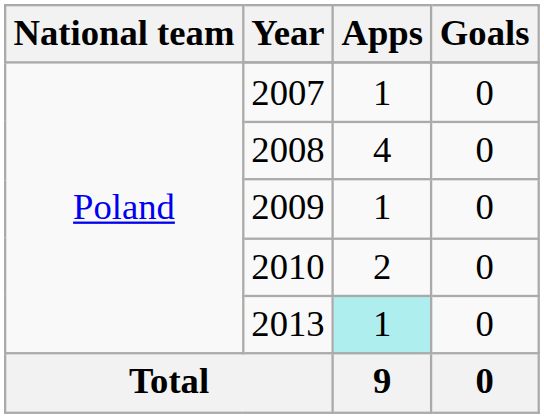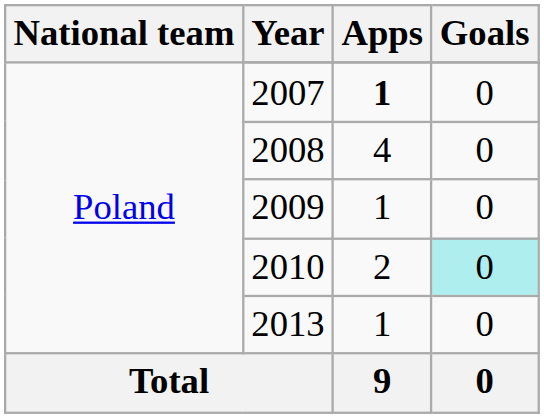 <table class="wikitable" style="text-align:center">
 <tr>
 <th>National team</th>
 <th>Year</th>
 <th>Apps</th>
 <th>Goals</th>
 </tr>
 <tr>
 <td rowspan=6><a href='#'>Poland</a></td>
 </tr>
 <tr>
 <td>2007</td>
-<td>1</td>
+<td><strong>1</strong></td>
 <td>0</td>
 </tr>
 <tr>
 <td>2008</td>
 <td>4</td>
 <td>0</td>
 </tr>
 <tr>
 <td>2009</td>
 <td>1</td>
 <td>0</td>
 </tr>
 <tr>
 <td>2010</td>
 <td>2</td>
-<td>0</td>
+<td style="background: paleturquoise;">0</td>
 </tr>
 <tr>
 <td>2013</td>
-<td style="background: paleturquoise;">1</td>
+<td>1</td>
 <td>0</td>
 </tr>
 <tr>
 <th colspan="2">Total</th>
 <th>9</th>
 <th>0</th>
 </tr>
 </table>
